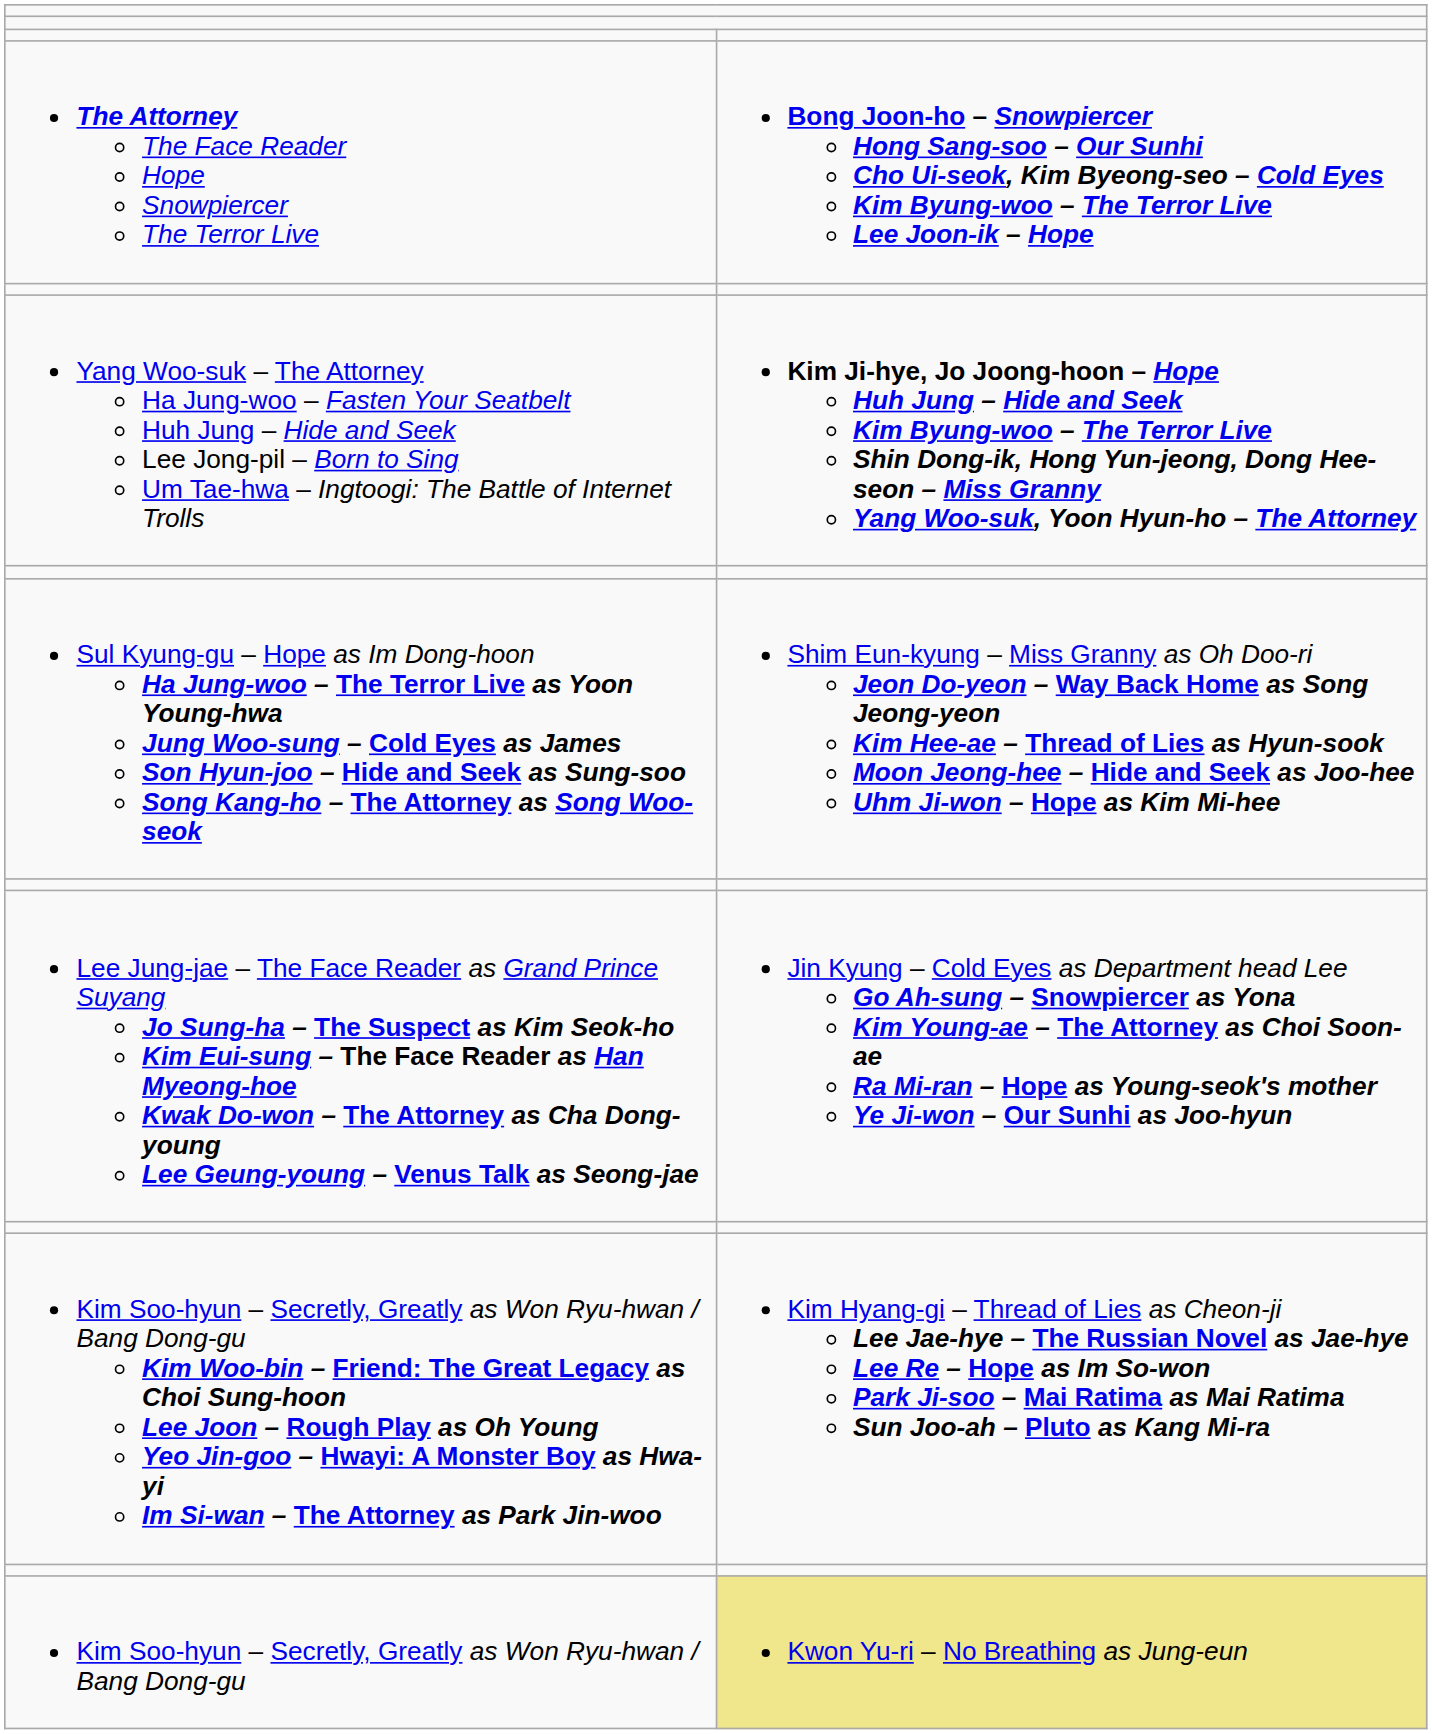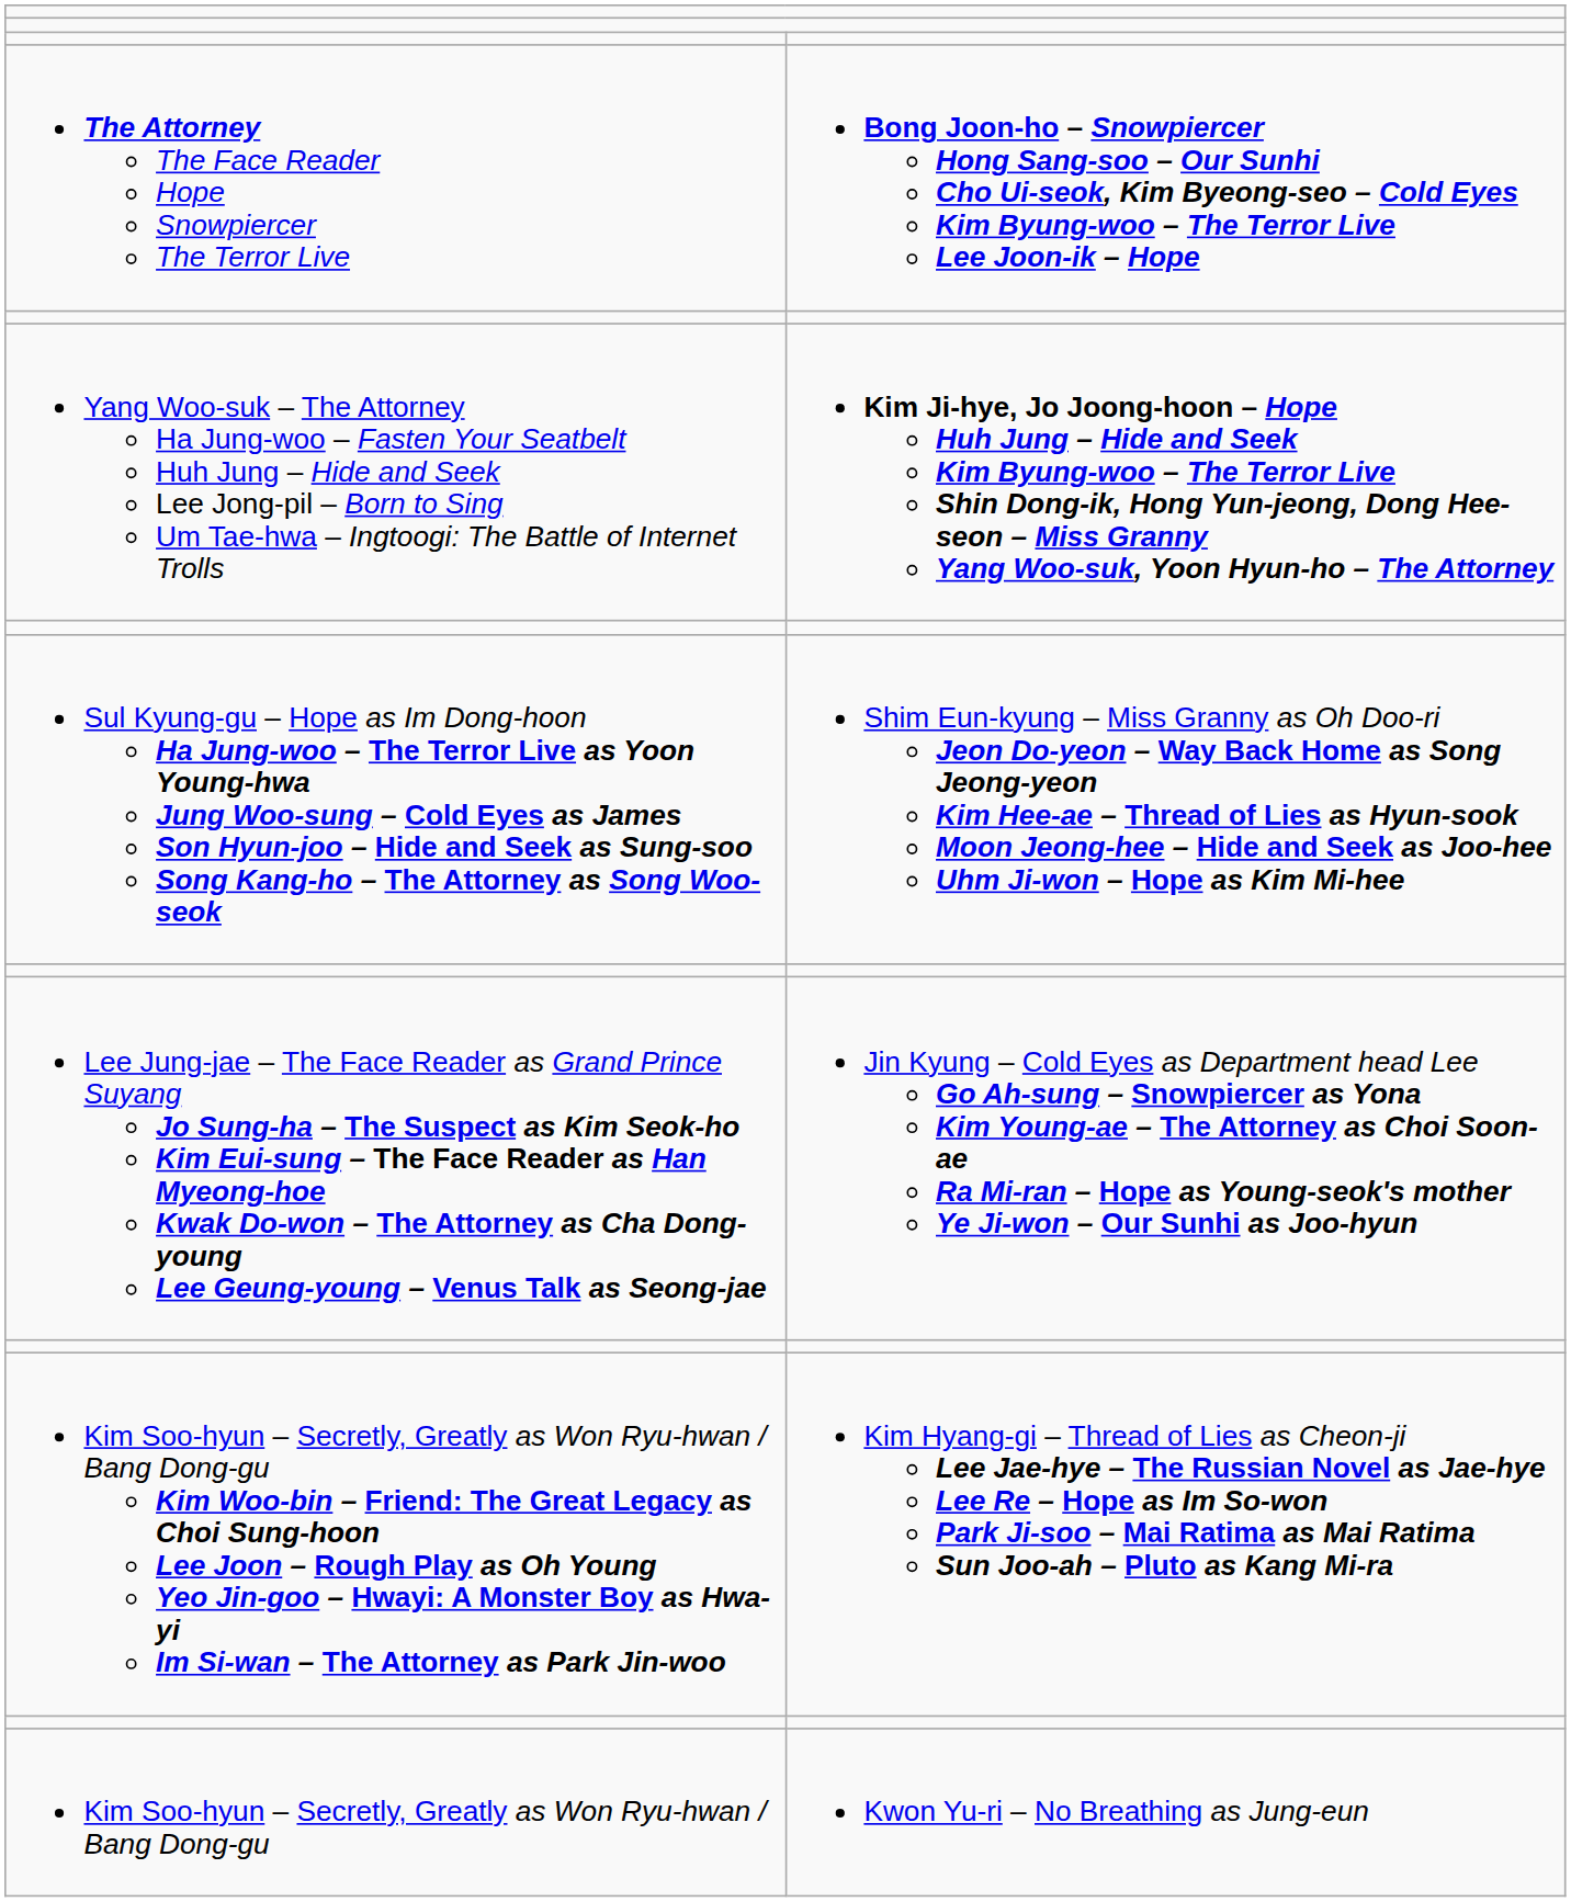 <table class="wikitable" align="center">
 <tr>
 <td colspan="2" style="vertical-align:top; width:100%;"></td>
 </tr>
 <tr>
 <td colspan="2" valign="top"></td>
 </tr>
 <tr>
 <td style="vertical-align:top; width:50%;"></td>
 <td style="vertical-align:top; width:50%;"></td>
 </tr>
 <tr>
 <td valign="top"><br><ul><li><strong><em><a href='#'>The Attorney</a></em></strong><ul><li><em><a href='#'>The Face Reader</a></em></li><li><em><a href='#'>Hope</a></em></li><li><em><a href='#'>Snowpiercer</a></em></li><li><em><a href='#'>The Terror Live</a></em></li></ul></li></ul></td>
 <td valign="top"><br><ul><li><strong><a href='#'>Bong Joon-ho</a> – <em><a href='#'>Snowpiercer</a><strong><em><ul><li><a href='#'>Hong Sang-soo</a> – </em><a href='#'>Our Sunhi</a><em></li><li><a href='#'>Cho Ui-seok</a>, Kim Byeong-seo – </em><a href='#'>Cold Eyes</a><em></li><li><a href='#'>Kim Byung-woo</a> – </em><a href='#'>The Terror Live</a><em></li><li><a href='#'>Lee Joon-ik</a> – </em><a href='#'>Hope</a><em></li></ul></li></ul></td>
 </tr>
 <tr>
 <td style="vertical-align:top; width:50%;"></td>
 <td style="vertical-align:top; width:50%;"></td>
 </tr>
 <tr>
 <td valign="top"><br><ul><li></strong><a href='#'>Yang Woo-suk</a> – </em><a href='#'>The Attorney</a></em></strong><ul><li><a href='#'>Ha Jung-woo</a> – <em><a href='#'>Fasten Your Seatbelt</a></em></li><li><a href='#'>Huh Jung</a> – <em><a href='#'>Hide and Seek</a></em></li><li>Lee Jong-pil – <em><a href='#'>Born to Sing</a></em></li><li><a href='#'>Um Tae-hwa</a> – <em>Ingtoogi: The Battle of Internet Trolls</em></li></ul></li></ul></td>
 <td valign="top"><br><ul><li><strong>Kim Ji-hye, Jo Joong-hoon – <em><a href='#'>Hope</a><strong><em><ul><li><a href='#'>Huh Jung</a> – </em><a href='#'>Hide and Seek</a><em></li><li><a href='#'>Kim Byung-woo</a> – </em><a href='#'>The Terror Live</a><em></li><li>Shin Dong-ik, Hong Yun-jeong, Dong Hee-seon – </em><a href='#'>Miss Granny</a><em></li><li><a href='#'>Yang Woo-suk</a>, Yoon Hyun-ho – </em><a href='#'>The Attorney</a><em></li></ul></li></ul></td>
 </tr>
 <tr>
 <td style="vertical-align:top; width:50%;"></td>
 <td style="vertical-align:top; width:50%;"></td>
 </tr>
 <tr>
 <td valign="top"><br><ul><li></strong><a href='#'>Sul Kyung-gu</a> – </em><a href='#'>Hope</a><em> as Im Dong-hoon<strong><ul><li><a href='#'>Ha Jung-woo</a> – </em><a href='#'>The Terror Live</a><em> as Yoon Young-hwa</li><li><a href='#'>Jung Woo-sung</a> – </em><a href='#'>Cold Eyes</a><em> as James</li><li><a href='#'>Son Hyun-joo</a> – </em><a href='#'>Hide and Seek</a><em> as Sung-soo</li><li><a href='#'>Song Kang-ho</a> – </em><a href='#'>The Attorney</a><em> as <a href='#'>Song Woo-seok</a></li></ul></li></ul></td>
 <td valign="top"><br><ul><li></strong><a href='#'>Shim Eun-kyung</a> – </em><a href='#'>Miss Granny</a><em> as Oh Doo-ri<strong><ul><li><a href='#'>Jeon Do-yeon</a> – </em><a href='#'>Way Back Home</a><em> as Song Jeong-yeon</li><li><a href='#'>Kim Hee-ae</a> – </em><a href='#'>Thread of Lies</a><em> as Hyun-sook</li><li><a href='#'>Moon Jeong-hee</a> – </em><a href='#'>Hide and Seek</a><em> as Joo-hee</li><li><a href='#'>Uhm Ji-won</a> – </em><a href='#'>Hope</a><em> as Kim Mi-hee</li></ul></li></ul></td>
 </tr>
 <tr>
 <td style="vertical-align:top; width:50%;"></td>
 <td style="vertical-align:top; width:50%;"></td>
 </tr>
 <tr>
 <td valign="top"><br><ul><li></strong><a href='#'>Lee Jung-jae</a> – </em><a href='#'>The Face Reader</a><em> as <a href='#'>Grand Prince Suyang</a><strong><ul><li><a href='#'>Jo Sung-ha</a> – </em><a href='#'>The Suspect</a><em> as Kim Seok-ho</li><li><a href='#'>Kim Eui-sung</a> – </em>The Face Reader<em> as <a href='#'>Han Myeong-hoe</a></li><li><a href='#'>Kwak Do-won</a> – </em><a href='#'>The Attorney</a><em> as Cha Dong-young</li><li><a href='#'>Lee Geung-young</a> – </em><a href='#'>Venus Talk</a><em> as Seong-jae</li></ul></li></ul></td>
 <td valign="top"><br><ul><li></strong><a href='#'>Jin Kyung</a> – </em><a href='#'>Cold Eyes</a><em> as Department head Lee<strong><ul><li><a href='#'>Go Ah-sung</a> – </em><a href='#'>Snowpiercer</a><em> as Yona</li><li><a href='#'>Kim Young-ae</a> – </em><a href='#'>The Attorney</a><em> as Choi Soon-ae</li><li><a href='#'>Ra Mi-ran</a> – </em><a href='#'>Hope</a><em> as Young-seok's mother</li><li><a href='#'>Ye Ji-won</a> – </em><a href='#'>Our Sunhi</a><em> as Joo-hyun</li></ul></li></ul></td>
 </tr>
 <tr>
 <td style="vertical-align:top; width:50%;"></td>
 <td style="vertical-align:top; width:50%;"></td>
 </tr>
 <tr>
 <td valign="top"><br><ul><li></strong><a href='#'>Kim Soo-hyun</a> – </em><a href='#'>Secretly, Greatly</a><em> as Won Ryu-hwan / Bang Dong-gu<strong><ul><li><a href='#'>Kim Woo-bin</a> – </em><a href='#'>Friend: The Great Legacy</a><em> as Choi Sung-hoon</li><li><a href='#'>Lee Joon</a> – </em><a href='#'>Rough Play</a><em> as Oh Young</li><li><a href='#'>Yeo Jin-goo</a> – </em><a href='#'>Hwayi: A Monster Boy</a><em> as Hwa-yi</li><li><a href='#'>Im Si-wan</a> – </em><a href='#'>The Attorney</a><em> as Park Jin-woo</li></ul></li></ul></td>
 <td valign="top"><br><ul><li></strong><a href='#'>Kim Hyang-gi</a> – </em><a href='#'>Thread of Lies</a><em> as Cheon-ji<strong><ul><li>Lee Jae-hye – </em><a href='#'>The Russian Novel</a><em> as Jae-hye</li><li><a href='#'>Lee Re</a> – </em><a href='#'>Hope</a><em> as Im So-won</li><li><a href='#'>Park Ji-soo</a> – </em><a href='#'>Mai Ratima</a><em> as Mai Ratima</li><li>Sun Joo-ah – </em><a href='#'>Pluto</a><em> as Kang Mi-ra</li></ul></li></ul></td>
 </tr>
 <tr>
 <td style="vertical-align:top; width:50%;"></td>
 <td style="vertical-align:top; width:50%;"></td>
 </tr>
 <tr>
 <td valign="top"><br><ul><li></strong><a href='#'>Kim Soo-hyun</a> – </em><a href='#'>Secretly, Greatly</a><em> as Won Ryu-hwan / Bang Dong-gu<strong></li></ul></td>
-<td valign="top" style="background: khaki;"><br><ul><li></strong><a href='#'>Kwon Yu-ri</a> – </em><a href='#'>No Breathing</a><em> as Jung-eun<strong></li></ul></td>
+<td valign="top"><br><ul><li></strong><a href='#'>Kwon Yu-ri</a> – </em><a href='#'>No Breathing</a><em> as Jung-eun<strong></li></ul></td>
 </tr>
 </table>
